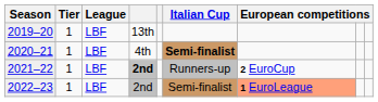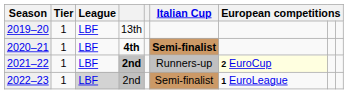 <table class="wikitable" style="font-size:85%">
 <tr bgcolor=>
 <th>Season</th>
 <th>Tier</th>
 <th>League</th>
 <th></th>
 <th></th>
 <th><a href='#'>Italian Cup</a></th>
 <th colspan=3>European competitions</th>
 </tr>
 <tr>
 <td style="background:#efefef;"><a href='#'>2019–20</a></td>
 <td align="center">1</td>
 <td><a href='#'>LBF</a></td>
 <td align="center">13th</td>
 <td></td>
 <td align="center"></td>
 <td></td>
 <td></td>
 <td></td>
 </tr>
 <tr>
 <td style="background:#efefef;"><a href='#'>2020–21</a></td>
 <td align="center">1</td>
 <td><a href='#'>LBF</a></td>
-<td align="center">4th</td>
+<td align="center"><strong>4th</strong></td>
 <td></td>
 <td align="center" bgcolor=#cc9966><strong>Semi-finalist</strong></td>
 <td></td>
 <td></td>
 <td></td>
 </tr>
 <tr>
 <td style="background:#efefef;"><a href='#'>2021–22</a></td>
 <td align="center">1</td>
 <td><a href='#'>LBF</a></td>
 <td align="center" bgcolor=silver><strong>2nd</strong></td>
 <td></td>
 <td align="center" bgcolor=silver>Runners-up</td>
-<td><small><strong>2</strong></small> <a href='#'>EuroCup</a></td>
+<td style="background: lightyellow;"><small><strong>2</strong></small> <a href='#'>EuroCup</a></td>
 <td></td>
 <td></td>
 </tr>
 <tr>
 <td style="background:#efefef;"><a href='#'>2022–23</a></td>
 <td align="center">1</td>
-<td><a href='#'>LBF</a></td>
+<td style="background: lightgrey;"><a href='#'>LBF</a></td>
 <td align="center" bgcolor=silver>2nd</td>
 <td></td>
 <td align="center" bgcolor=#cc9966>Semi-finalist</td>
-<td style="background: lightsalmon;"><small><strong>1</strong></small> <a href='#'>EuroLeague</a></td>
+<td><small><strong>1</strong></small> <a href='#'>EuroLeague</a></td>
 <td></td>
 <td></td>
 </tr>
 </table>
